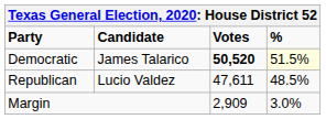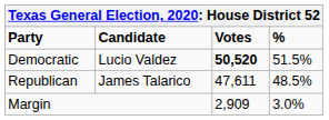 <table class="wikitable">
 <tr>
 <th colspan="4"><a href='#'>Texas General Election, 2020</a>: House District 52</th>
 </tr>
 <tr>
 <td><strong>Party</strong></td>
 <td><strong>Candidate</strong></td>
 <td><strong>Votes</strong></td>
 <td><strong>%</strong></td>
 </tr>
 <tr>
 <td>Democratic</td>
-<td>James Talarico</td>
+<td>Lucio Valdez</td>
 <td><strong>50,520</strong></td>
-<td style="background: lightyellow;">51.5%</td>
+<td>51.5%</td>
 </tr>
 <tr>
 <td>Republican</td>
-<td>Lucio Valdez</td>
+<td>James Talarico</td>
 <td>47,611</td>
 <td>48.5%</td>
 </tr>
 <tr>
 <td colspan="2">Margin</td>
 <td>2,909</td>
 <td>3.0%</td>
 </tr>
 </table>
